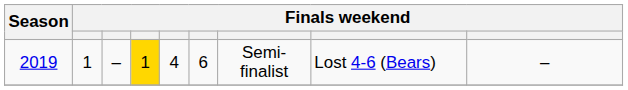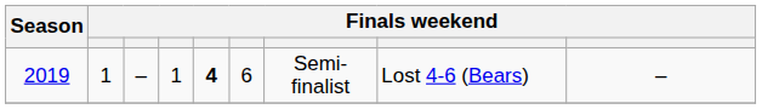 <table class="wikitable" style="text-align: center">
 <tr>
 <th rowspan="2" style="width:40px">Season</th>
 <th colspan="8">Finals weekend</th>
 </tr>
 <tr>
 <th width="20px"></th>
 <th width="20px"></th>
 <th width="20px"></th>
 <th width="20px"></th>
 <th width="20px"></th>
 <th width="80px"></th>
 <th width="140px"></th>
 <th width="140px"></th>
 </tr>
 <tr>
 <td><a href='#'>2019</a></td>
 <td>1</td>
 <td>–</td>
-<td style="background: gold;">1</td>
-<td>4</td>
+<td>1</td>
+<td><strong>4</strong></td>
 <td>6</td>
 <td>Semi-finalist</td>
 <td align="left">Lost <a href='#'>4-6</a> (<a href='#'>Bears</a>)</td>
 <td>–</td>
 </tr>
 <tr>
 </tr>
 </table>
